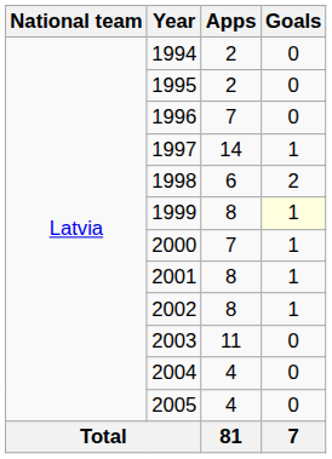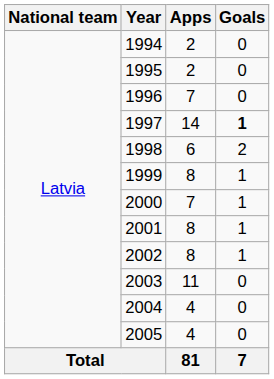 <table class="wikitable" style="text-align:center">
 <tr>
 <th>National team</th>
 <th>Year</th>
 <th>Apps</th>
 <th>Goals</th>
 </tr>
 <tr>
 <td rowspan="12"><a href='#'>Latvia</a></td>
 <td>1994</td>
 <td>2</td>
 <td>0</td>
 </tr>
 <tr>
 <td>1995</td>
 <td>2</td>
 <td>0</td>
 </tr>
 <tr>
 <td>1996</td>
 <td>7</td>
 <td>0</td>
 </tr>
 <tr>
 <td>1997</td>
 <td>14</td>
-<td>1</td>
+<td><strong>1</strong></td>
 </tr>
 <tr>
 <td>1998</td>
 <td>6</td>
 <td>2</td>
 </tr>
 <tr>
 <td>1999</td>
 <td>8</td>
-<td style="background: lightyellow;">1</td>
+<td>1</td>
 </tr>
 <tr>
 <td>2000</td>
 <td>7</td>
 <td>1</td>
 </tr>
 <tr>
 <td>2001</td>
 <td>8</td>
 <td>1</td>
 </tr>
 <tr>
 <td>2002</td>
 <td>8</td>
 <td>1</td>
 </tr>
 <tr>
 <td>2003</td>
 <td>11</td>
 <td>0</td>
 </tr>
 <tr>
 <td>2004</td>
 <td>4</td>
 <td>0</td>
 </tr>
 <tr>
 <td>2005</td>
 <td>4</td>
 <td>0</td>
 </tr>
 <tr>
 <th colspan="2">Total</th>
 <th>81</th>
 <th>7</th>
 </tr>
 </table>
